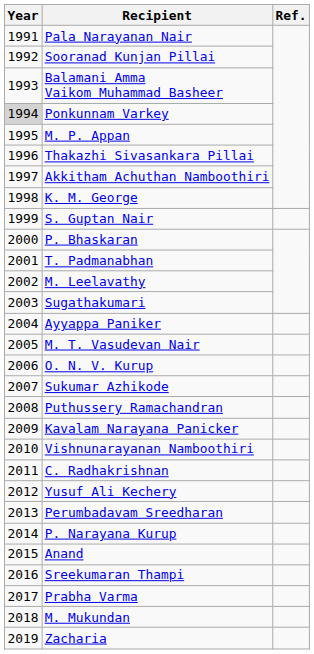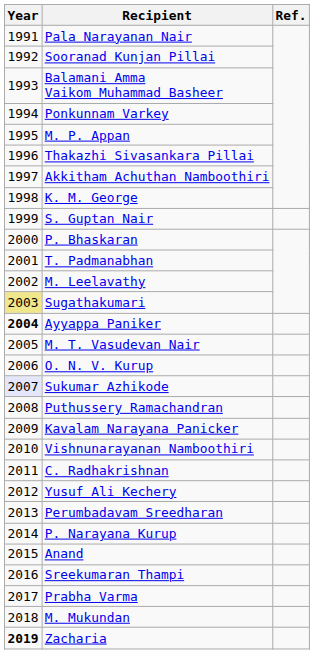 <table class="wikitable">
 <tr>
 <th>Year</th>
 <th>Recipient</th>
 <th>Ref.</th>
 </tr>
 <tr>
 <td>1991</td>
 <td><a href='#'>Pala Narayanan Nair</a></td>
 <td rowspan=8></td>
 </tr>
 <tr>
 <td>1992</td>
 <td><a href='#'>Sooranad Kunjan Pillai</a></td>
 </tr>
 <tr>
 <td>1993</td>
 <td><a href='#'>Balamani Amma</a><br><a href='#'>Vaikom Muhammad Basheer</a></td>
 </tr>
 <tr>
-<td style="background: lightgrey;">1994</td>
+<td>1994</td>
 <td><a href='#'>Ponkunnam Varkey</a></td>
 </tr>
 <tr>
 <td>1995</td>
 <td><a href='#'>M. P. Appan</a></td>
 </tr>
 <tr>
 <td>1996</td>
 <td><a href='#'>Thakazhi Sivasankara Pillai</a></td>
 </tr>
 <tr>
 <td>1997</td>
 <td><a href='#'>Akkitham Achuthan Namboothiri</a></td>
 </tr>
 <tr>
 <td>1998</td>
 <td><a href='#'>K. M. George</a></td>
 </tr>
 <tr>
 <td>1999</td>
 <td><a href='#'>S. Guptan Nair</a></td>
 <td></td>
 </tr>
 <tr>
 <td>2000</td>
 <td><a href='#'>P. Bhaskaran</a></td>
 <td rowspan=4></td>
 </tr>
 <tr>
 <td>2001</td>
 <td><a href='#'>T. Padmanabhan</a></td>
 </tr>
 <tr>
 <td>2002</td>
 <td><a href='#'>M. Leelavathy</a></td>
 </tr>
 <tr>
-<td>2003</td>
+<td style="background: khaki;">2003</td>
 <td><a href='#'>Sugathakumari</a></td>
 </tr>
 <tr>
-<td>2004</td>
+<td><strong>2004</strong></td>
 <td><a href='#'>Ayyappa Paniker</a></td>
 <td></td>
 </tr>
 <tr>
 <td>2005</td>
 <td><a href='#'>M. T. Vasudevan Nair</a></td>
 <td></td>
 </tr>
 <tr>
 <td>2006</td>
 <td><a href='#'>O. N. V. Kurup</a></td>
 <td></td>
 </tr>
 <tr>
-<td>2007</td>
+<td style="background: lavender;">2007</td>
 <td><a href='#'>Sukumar Azhikode</a></td>
 <td></td>
 </tr>
 <tr>
 <td>2008</td>
 <td><a href='#'>Puthussery Ramachandran</a></td>
 <td></td>
 </tr>
 <tr>
 <td>2009</td>
 <td><a href='#'>Kavalam Narayana Panicker</a></td>
 <td></td>
 </tr>
 <tr>
 <td>2010</td>
 <td><a href='#'>Vishnunarayanan Namboothiri</a></td>
 <td></td>
 </tr>
 <tr>
 <td>2011</td>
 <td><a href='#'>C. Radhakrishnan</a></td>
 <td></td>
 </tr>
 <tr>
 <td>2012</td>
 <td><a href='#'>Yusuf Ali Kechery</a></td>
 <td></td>
 </tr>
 <tr>
 <td>2013</td>
 <td><a href='#'>Perumbadavam Sreedharan</a></td>
 <td></td>
 </tr>
 <tr>
 <td>2014</td>
 <td><a href='#'>P. Narayana Kurup</a></td>
 <td></td>
 </tr>
 <tr>
 <td>2015</td>
 <td><a href='#'>Anand</a></td>
 <td></td>
 </tr>
 <tr>
 <td>2016</td>
 <td><a href='#'>Sreekumaran Thampi</a></td>
 <td></td>
 </tr>
 <tr>
 <td>2017</td>
 <td><a href='#'>Prabha Varma</a></td>
 <td></td>
 </tr>
 <tr>
 <td>2018</td>
 <td><a href='#'>M. Mukundan</a></td>
 <td></td>
 </tr>
 <tr>
-<td>2019</td>
+<td><strong>2019</strong></td>
 <td><a href='#'>Zacharia</a></td>
 <td></td>
 </tr>
 </table>
